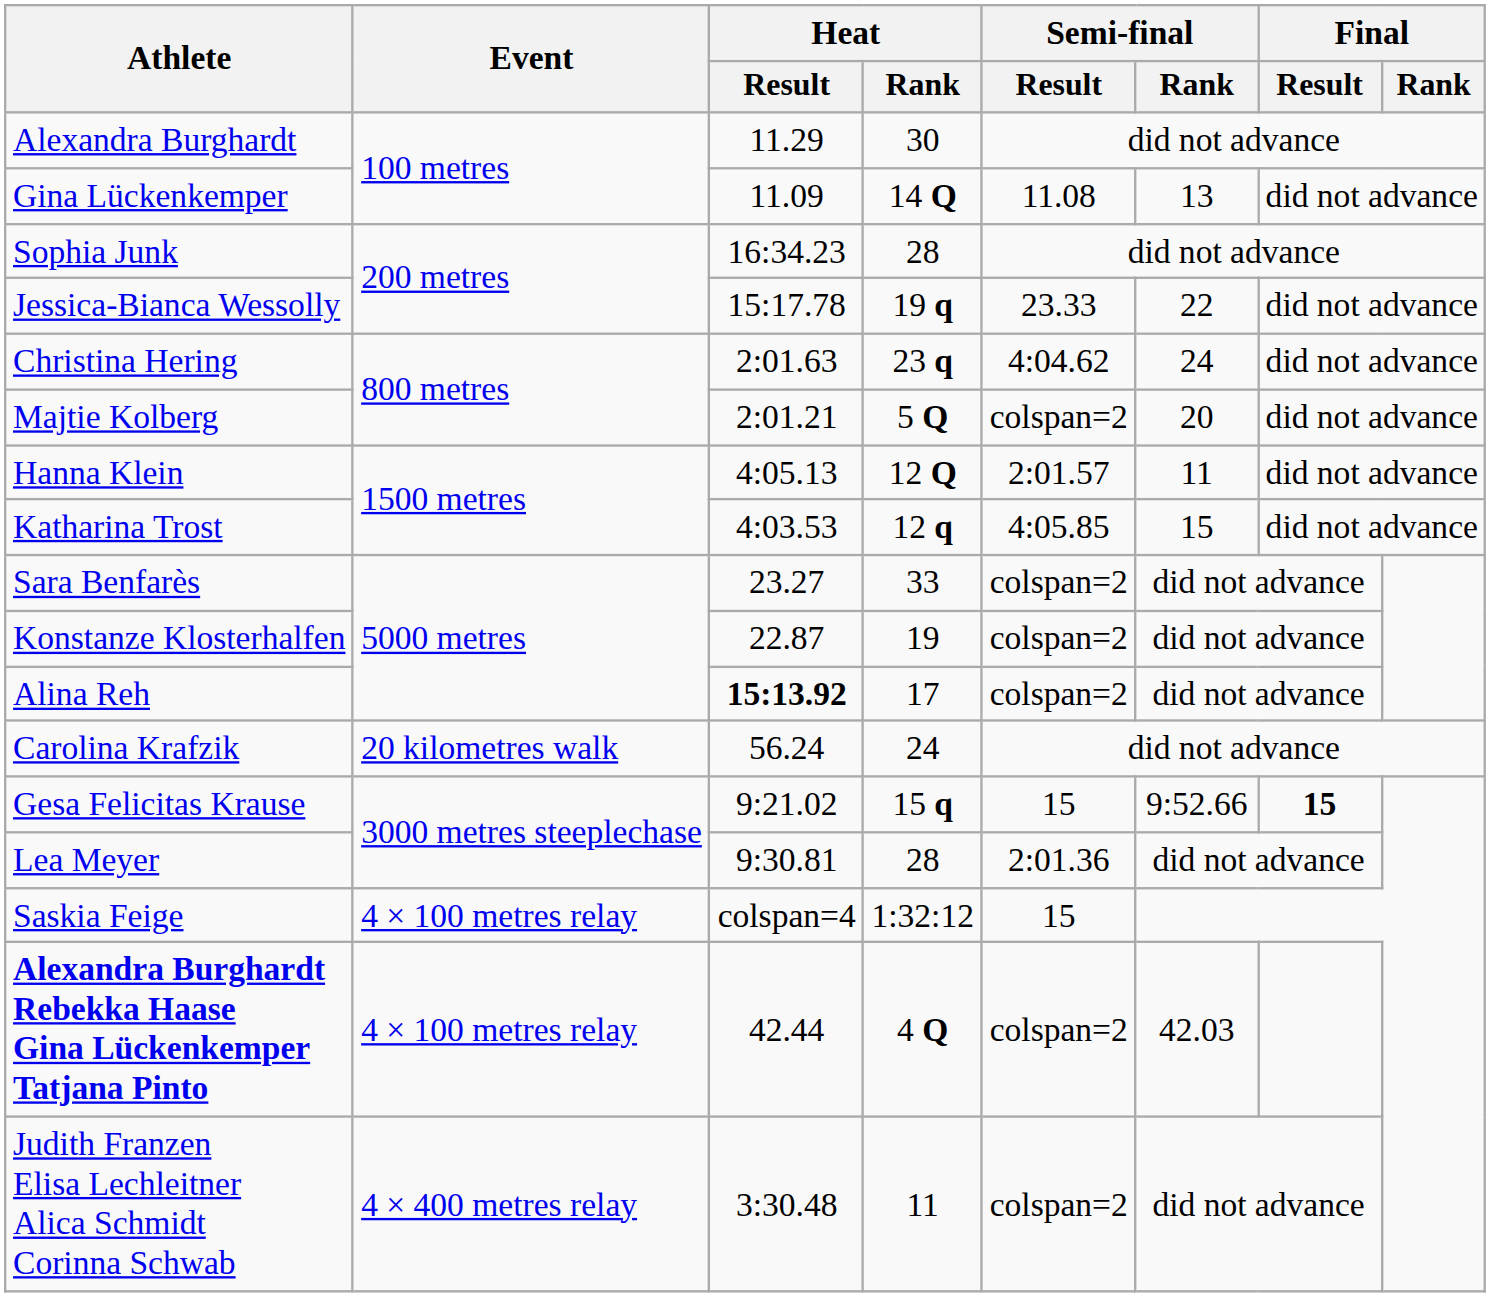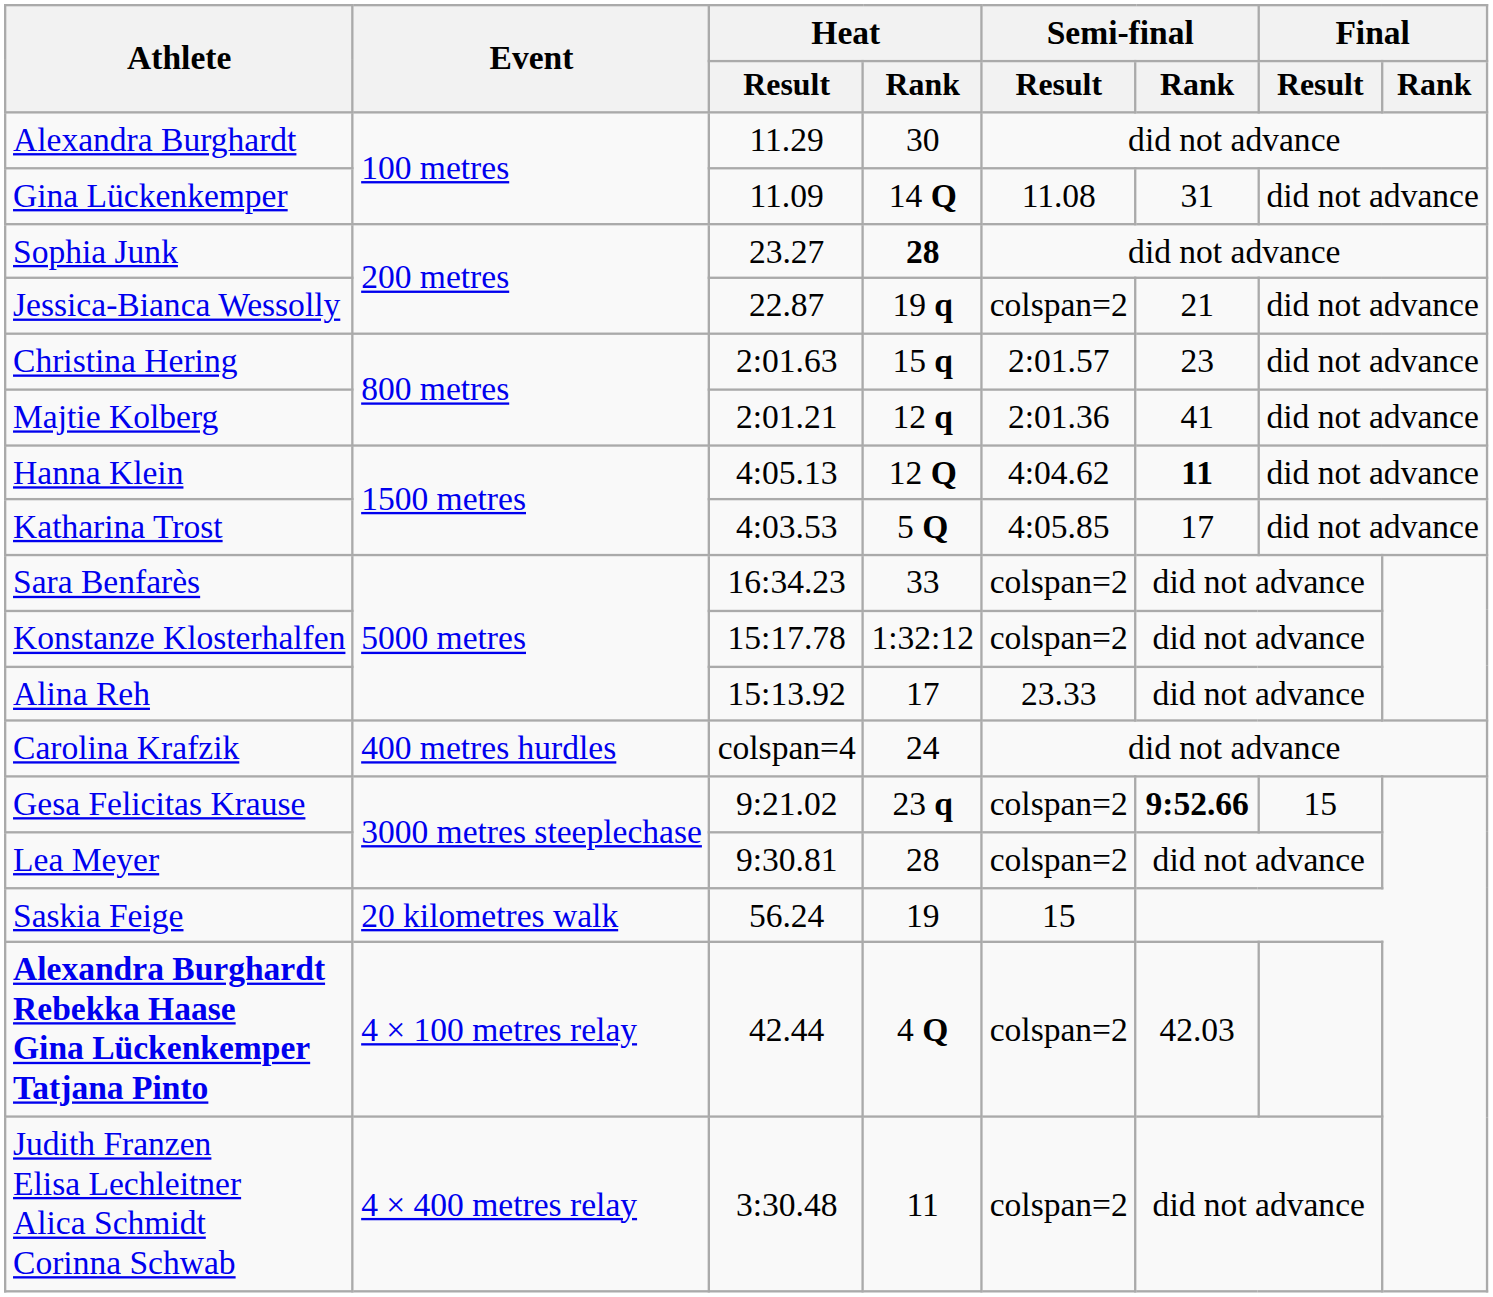 <table class=wikitable style=font-size:90%>
 <tr>
 <th rowspan=2>Athlete</th>
 <th rowspan=2>Event</th>
 <th colspan=2>Heat</th>
 <th colspan=2>Semi-final</th>
 <th colspan=2>Final</th>
 </tr>
 <tr style=font-size:95%>
 <th>Result</th>
 <th>Rank</th>
 <th>Result</th>
 <th>Rank</th>
 <th>Result</th>
 <th>Rank</th>
 </tr>
 <tr align=center>
 <td align=left><a href='#'>Alexandra Burghardt</a></td>
 <td align=left rowspan=2><a href='#'>100 metres</a></td>
 <td>11.29 </td>
 <td>30</td>
 <td colspan=4>did not advance</td>
 </tr>
 <tr align=center>
 <td align=left><a href='#'>Gina Lückenkemper</a></td>
 <td>11.09</td>
 <td>14 <strong>Q</strong></td>
 <td>11.08</td>
-<td>13</td>
+<td>31</td>
 <td colspan=2>did not advance</td>
 </tr>
 <tr align=center>
 <td align=left><a href='#'>Sophia Junk</a></td>
 <td align=left rowspan=2><a href='#'>200 metres</a></td>
-<td>16:34.23</td>
-<td>28</td>
+<td>23.27 </td>
+<td><strong>28</strong></td>
 <td colspan=4>did not advance</td>
 </tr>
 <tr align=center>
 <td align=left><a href='#'>Jessica-Bianca Wessolly</a></td>
-<td>15:17.78</td>
+<td>22.87</td>
 <td>19 <strong>q</strong></td>
-<td>23.33</td>
-<td>22</td>
+<td>colspan=2</td>
+<td>21</td>
 <td colspan=2>did not advance</td>
 </tr>
 <tr align=center>
 <td align=left><a href='#'>Christina Hering</a></td>
 <td align=left rowspan=2><a href='#'>800 metres</a></td>
 <td>2:01.63</td>
-<td>23 <strong>q</strong></td>
-<td>4:04.62</td>
-<td>24</td>
+<td>15 <strong>q</strong></td>
+<td>2:01.57</td>
+<td>23</td>
 <td colspan=2>did not advance</td>
 </tr>
 <tr align=center>
 <td align=left><a href='#'>Majtie Kolberg</a></td>
 <td>2:01.21 </td>
-<td>5 <strong>Q</strong></td>
-<td>colspan=2</td>
-<td>20</td>
+<td>12 <strong>q</strong></td>
+<td>2:01.36</td>
+<td>41</td>
 <td colspan=2>did not advance</td>
 </tr>
 <tr align=center>
 <td align=left><a href='#'>Hanna Klein</a></td>
 <td align=left rowspan=2><a href='#'>1500 metres</a></td>
 <td>4:05.13</td>
 <td>12 <strong>Q</strong></td>
-<td>2:01.57</td>
-<td>11</td>
+<td>4:04.62</td>
+<td><strong>11</strong></td>
 <td colspan=2>did not advance</td>
 </tr>
 <tr align=center>
 <td align=left><a href='#'>Katharina Trost</a></td>
 <td>4:03.53 </td>
-<td>12 <strong>q</strong></td>
+<td>5 <strong>Q</strong></td>
 <td>4:05.85</td>
-<td>15</td>
+<td>17</td>
 <td colspan=2>did not advance</td>
 </tr>
 <tr align=center>
 <td align=left><a href='#'>Sara Benfarès</a></td>
 <td align=left rowspan=3><a href='#'>5000 metres</a></td>
-<td>23.27 </td>
+<td>16:34.23</td>
 <td>33</td>
 <td>colspan=2</td>
 <td colspan=2>did not advance</td>
 </tr>
 <tr align=center>
 <td align=left><a href='#'>Konstanze Klosterhalfen</a></td>
-<td>22.87</td>
-<td>19</td>
+<td>15:17.78</td>
+<td>1:32:12</td>
 <td>colspan=2</td>
 <td colspan=2>did not advance</td>
 </tr>
 <tr align=center>
 <td align=left><a href='#'>Alina Reh</a></td>
-<td><strong>15:13.92</strong></td>
+<td>15:13.92</td>
 <td>17</td>
-<td>colspan=2</td>
+<td>23.33</td>
 <td colspan=2>did not advance</td>
 </tr>
 <tr align=center>
 <td align=left><a href='#'>Carolina Krafzik</a></td>
-<td align=left><a href='#'>20 kilometres walk</a></td>
-<td>56.24</td>
+<td align=left><a href='#'>400 metres hurdles</a></td>
+<td>colspan=4</td>
 <td>24</td>
 <td colspan=4>did not advance</td>
 </tr>
 <tr align=center>
 <td align=left><a href='#'>Gesa Felicitas Krause</a></td>
 <td align=left rowspan=2><a href='#'>3000 metres steeplechase</a></td>
 <td>9:21.02 </td>
-<td>15 <strong>q</strong></td>
+<td>23 <strong>q</strong></td>
+<td>colspan=2</td>
+<td><strong>9:52.66</strong></td>
 <td>15</td>
-<td>9:52.66</td>
-<td><strong>15</strong></td>
 </tr>
 <tr align=center>
 <td align=left><a href='#'>Lea Meyer</a></td>
 <td>9:30.81</td>
 <td>28</td>
-<td>2:01.36</td>
+<td>colspan=2</td>
 <td colspan=2>did not advance</td>
 </tr>
 <tr align=center>
 <td align=left><a href='#'>Saskia Feige</a></td>
-<td align=left><a href='#'>4 × 100 metres relay</a></td>
-<td>colspan=4</td>
-<td>1:32:12</td>
+<td align=left><a href='#'>20 kilometres walk</a></td>
+<td>56.24</td>
+<td>19</td>
 <td>15</td>
 </tr>
 <tr align=center>
 <td align=left><strong><a href='#'>Alexandra Burghardt</a><br><a href='#'>Rebekka Haase</a><br><a href='#'>Gina Lückenkemper</a><br><a href='#'>Tatjana Pinto</a></strong></td>
 <td align=left><a href='#'>4 × 100 metres relay</a></td>
 <td>42.44</td>
 <td>4 <strong>Q</strong></td>
 <td>colspan=2</td>
 <td>42.03 </td>
 <td></td>
 </tr>
 <tr align=center>
 <td align=left><a href='#'>Judith Franzen</a><br><a href='#'>Elisa Lechleitner</a><br><a href='#'>Alica Schmidt</a><br><a href='#'>Corinna Schwab</a></td>
 <td align=left><a href='#'>4 × 400 metres relay</a></td>
 <td>3:30.48</td>
 <td>11</td>
 <td>colspan=2</td>
 <td colspan=2>did not advance</td>
 </tr>
 </table>
